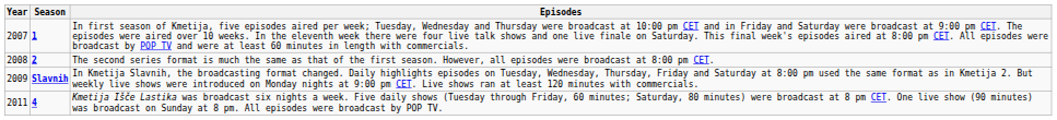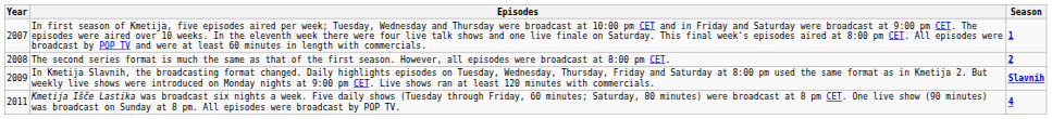 <table class="wikitable">
 <tr>
 <th>Year</th>
+<th>Episodes</th>
 <th>Season</th>
-<th>Episodes</th>
 </tr>
 <tr>
 <td>2007</td>
+<td>In first season of Kmetija, five episodes aired per week; Tuesday, Wednesday and Thursday were broadcast at 10:00 pm <a href='#'>CET</a> and in Friday and Saturday were broadcast at 9:00 pm <a href='#'>CET</a>. The episodes were aired over 10 weeks. In the eleventh week there were four live talk shows and one live finale on Saturday. This final week's episodes aired at 8:00 pm <a href='#'>CET</a>. All episodes were broadcast by <a href='#'>POP TV</a> and were at least 60 minutes in length with commercials.</td>
 <td><strong><a href='#'>1</a></strong></td>
-<td>In first season of Kmetija, five episodes aired per week; Tuesday, Wednesday and Thursday were broadcast at 10:00 pm <a href='#'>CET</a> and in Friday and Saturday were broadcast at 9:00 pm <a href='#'>CET</a>. The episodes were aired over 10 weeks. In the eleventh week there were four live talk shows and one live finale on Saturday. This final week's episodes aired at 8:00 pm <a href='#'>CET</a>. All episodes were broadcast by <a href='#'>POP TV</a> and were at least 60 minutes in length with commercials.</td>
 </tr>
 <tr>
 <td>2008</td>
+<td>The second series format is much the same as that of the first season. However, all episodes were broadcast at 8:00 pm <a href='#'>CET</a>.</td>
 <td><strong><a href='#'>2</a></strong></td>
-<td>The second series format is much the same as that of the first season. However, all episodes were broadcast at 8:00 pm <a href='#'>CET</a>.</td>
 </tr>
 <tr>
 <td>2009</td>
+<td>In Kmetija Slavnih, the broadcasting format changed. Daily highlights episodes on Tuesday, Wednesday, Thursday, Friday and Saturday at 8:00 pm used the same format as in Kmetija 2. But weekly live shows were introduced on Monday nights at 9:00 pm <a href='#'>CET</a>. Live shows ran at least 120 minutes with commercials.</td>
 <td><strong><a href='#'>Slavnih</a></strong></td>
-<td>In Kmetija Slavnih, the broadcasting format changed. Daily highlights episodes on Tuesday, Wednesday, Thursday, Friday and Saturday at 8:00 pm used the same format as in Kmetija 2. But weekly live shows were introduced on Monday nights at 9:00 pm <a href='#'>CET</a>. Live shows ran at least 120 minutes with commercials.</td>
 </tr>
 <tr>
 <td>2011</td>
+<td><em>Kmetija Išče Lastika</em> was broadcast six nights a week. Five daily shows (Tuesday through Friday, 60 minutes; Saturday, 80 minutes) were broadcast at 8 pm <a href='#'>CET</a>. One live show (90 minutes) was broadcast on Sunday at 8 pm. All episodes were broadcast by POP TV.</td>
 <td><strong><a href='#'>4</a></strong></td>
-<td><em>Kmetija Išče Lastika</em> was broadcast six nights a week. Five daily shows (Tuesday through Friday, 60 minutes; Saturday, 80 minutes) were broadcast at 8 pm <a href='#'>CET</a>. One live show (90 minutes) was broadcast on Sunday at 8 pm. All episodes were broadcast by POP TV.</td>
 </tr>
 </table>
